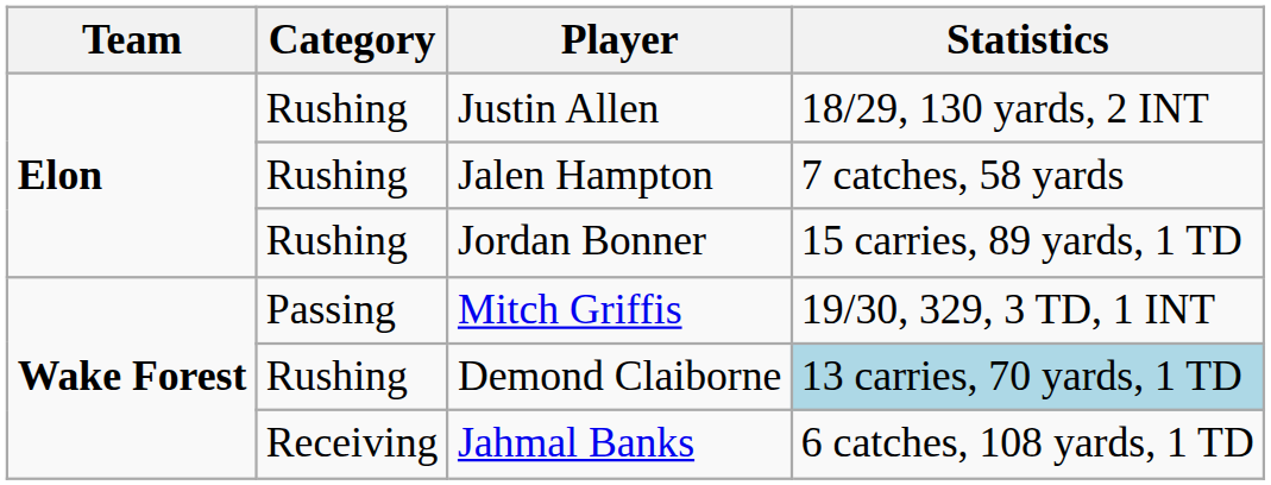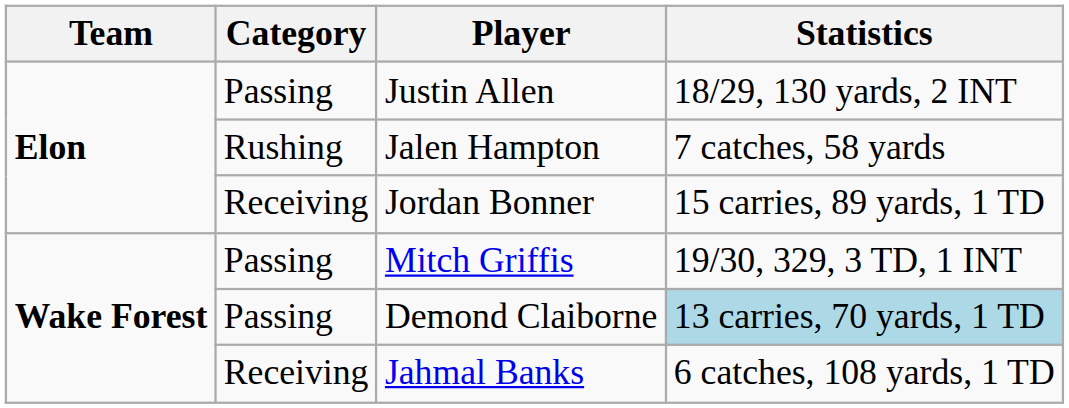 <table class="wikitable" style="float: right;">
 <tr>
 <th>Team</th>
 <th>Category</th>
 <th>Player</th>
 <th>Statistics</th>
 </tr>
 <tr>
 <td rowspan=3><strong>Elon</strong></td>
-<td>Rushing</td>
+<td>Passing</td>
 <td>Justin Allen</td>
 <td>18/29, 130 yards, 2 INT</td>
 </tr>
 <tr>
 <td>Rushing</td>
 <td>Jalen Hampton</td>
 <td>7 catches, 58 yards</td>
 </tr>
 <tr>
-<td>Rushing</td>
+<td>Receiving</td>
 <td>Jordan Bonner</td>
 <td>15 carries, 89 yards, 1 TD</td>
 </tr>
 <tr>
 <td rowspan=3><strong>Wake Forest</strong></td>
 <td>Passing</td>
 <td><a href='#'>Mitch Griffis</a></td>
 <td>19/30, 329, 3 TD, 1 INT</td>
 </tr>
 <tr>
-<td>Rushing</td>
+<td>Passing</td>
 <td>Demond Claiborne</td>
 <td style="background: lightblue;">13 carries, 70 yards, 1 TD</td>
 </tr>
 <tr>
 <td>Receiving</td>
 <td><a href='#'>Jahmal Banks</a></td>
 <td>6 catches, 108 yards, 1 TD</td>
 </tr>
 </table>
